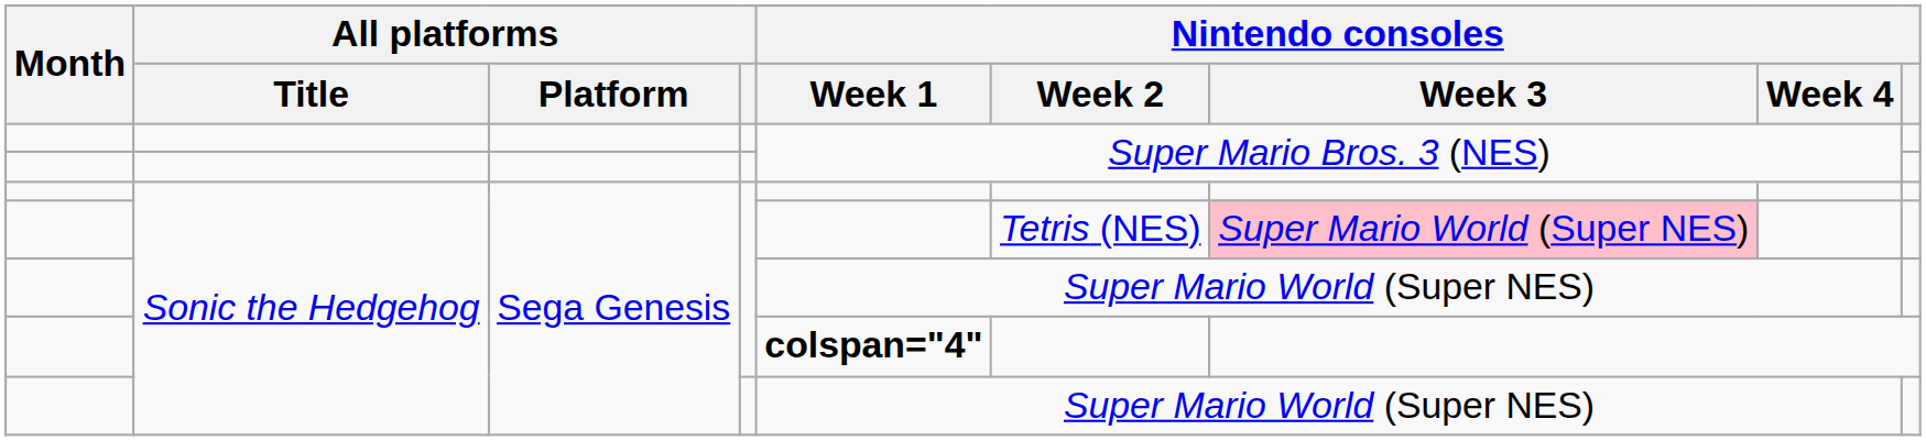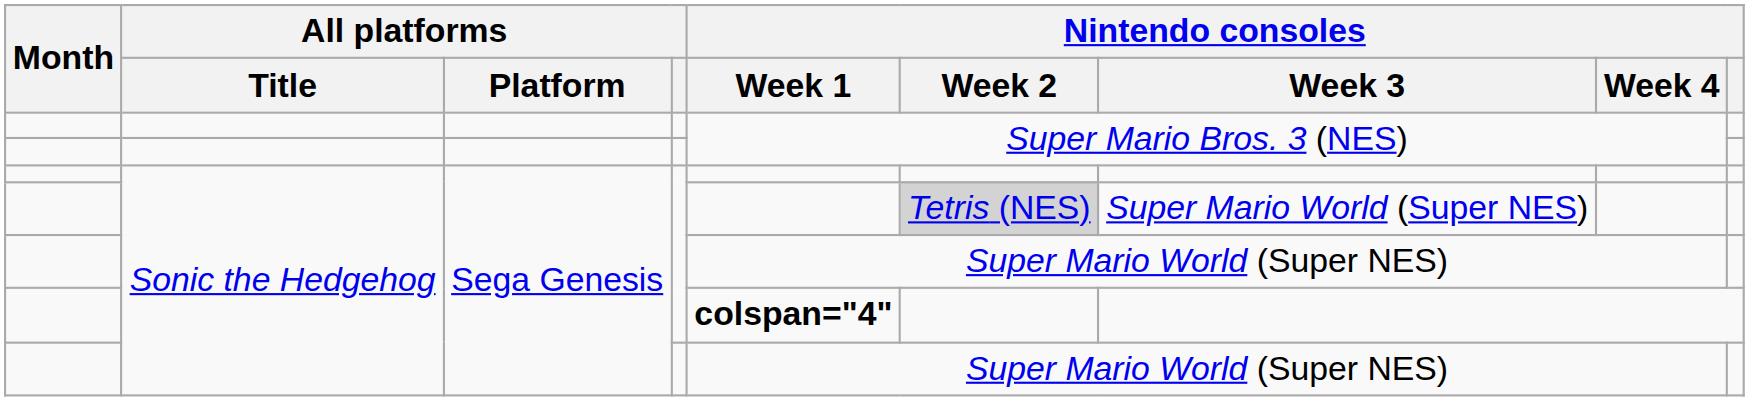 <table class="wikitable sortable" style="text-align:center">
 <tr>
 <th rowspan="2">Month</th>
 <th colspan="3">All platforms</th>
 <th colspan="5"><a href='#'>Nintendo consoles</a></th>
 </tr>
 <tr>
 <th>Title</th>
 <th>Platform</th>
 <th></th>
 <th>Week 1</th>
 <th>Week 2</th>
 <th>Week 3</th>
 <th>Week 4</th>
 <th class="unsortable"></th>
 </tr>
 <tr>
 <td></td>
 <td></td>
 <td></td>
 <td></td>
 <td colspan="4" rowspan="2"><em><a href='#'>Super Mario Bros. 3</a></em> (<a href='#'>NES</a>)</td>
 <td></td>
 </tr>
 <tr>
 <td></td>
 <td></td>
 <td></td>
 <td></td>
 <td></td>
 </tr>
 <tr>
 <td></td>
 <td rowspan="5"><em><a href='#'>Sonic the Hedgehog</a></em></td>
 <td rowspan="5"><a href='#'>Sega Genesis</a></td>
 <td rowspan="4"></td>
 <td></td>
 <td></td>
 <td></td>
 <td></td>
 <td></td>
 </tr>
 <tr>
 <td></td>
 <td></td>
-<td><a href='#'><em>Tetris</em> (NES)</a></td>
-<td style="background: pink;"><em><a href='#'>Super Mario World</a></em> (<a href='#'>Super NES</a>)</td>
+<td style="background: lightgrey;"><a href='#'><em>Tetris</em> (NES)</a></td>
+<td><em><a href='#'>Super Mario World</a></em> (<a href='#'>Super NES</a>)</td>
 <td></td>
 <td></td>
 </tr>
 <tr>
 <td></td>
 <td colspan="4"><em><a href='#'>Super Mario World</a></em> (Super NES)</td>
 <td></td>
 </tr>
 <tr>
 <td></td>
 <td><strong>colspan="4" </strong></td>
 <td></td>
 </tr>
 <tr>
 <td></td>
 <td></td>
 <td colspan="4"><em><a href='#'>Super Mario World</a></em> (Super NES)</td>
 <td></td>
 </tr>
 </table>
